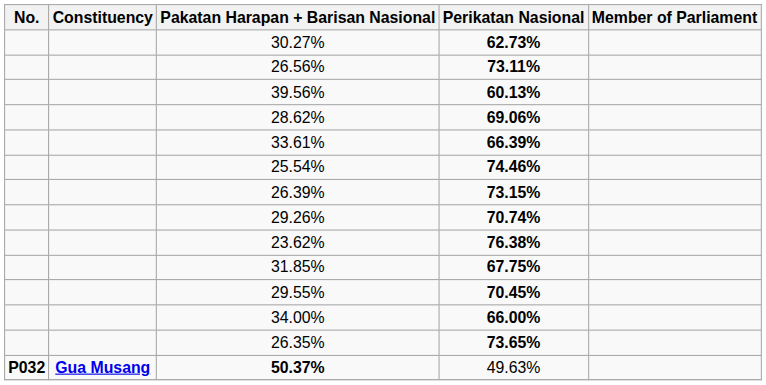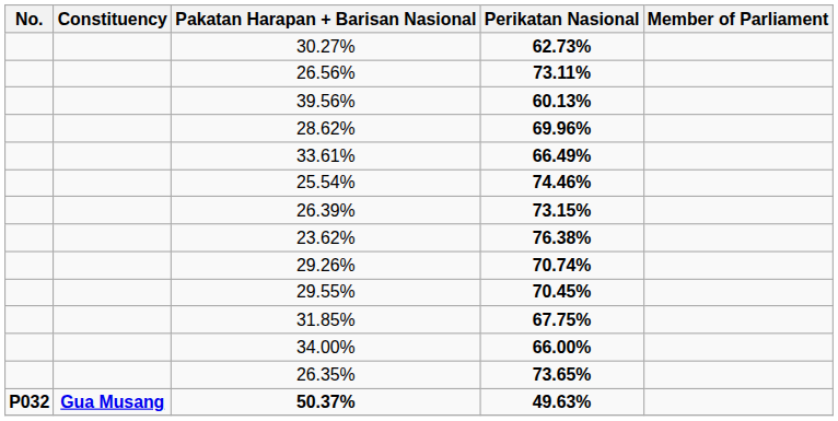 <table class="wikitable sortable" style="text-align:center; font-size:90%">
 <tr>
 <th>No.</th>
 <th>Constituency</th>
 <th>Pakatan Harapan + Barisan Nasional</th>
 <th><strong>Perikatan Nasional</strong></th>
 <th><strong>Member of Parliament</strong></th>
 </tr>
 <tr align="center">
 <td><strong></strong></td>
 <td><strong></strong></td>
 <td>30.27%</td>
 <td><strong>62.73%</strong></td>
 <td></td>
 </tr>
 <tr align="center">
 <td><strong></strong></td>
 <td><strong></strong></td>
 <td>26.56%</td>
 <td><strong>73.11%</strong></td>
 <td></td>
 </tr>
 <tr align="center">
 <td><strong></strong></td>
 <td><strong></strong></td>
 <td>39.56%</td>
 <td><strong>60.13%</strong></td>
 <td></td>
 </tr>
 <tr align="center">
 <td><strong></strong></td>
 <td><strong></strong></td>
 <td>28.62%</td>
-<td><strong>69.06%</strong></td>
+<td><strong>69.96%</strong></td>
 <td></td>
 </tr>
 <tr align="center">
 <td><strong></strong></td>
 <td><strong></strong></td>
 <td>33.61%</td>
-<td><strong>66.39%</strong></td>
+<td><strong>66.49%</strong></td>
 <td></td>
 </tr>
 <tr align="center">
 <td><strong></strong></td>
 <td><strong></strong></td>
 <td>25.54%</td>
 <td><strong>74.46%</strong></td>
 <td></td>
 </tr>
 <tr align="center">
 <td><strong></strong></td>
 <td><strong></strong></td>
 <td>26.39%</td>
 <td><strong>73.15%</strong></td>
 <td></td>
 </tr>
 <tr align="center">
 <td><strong></strong></td>
 <td><strong></strong></td>
+<td>23.62%</td>
+<td><strong>76.38%</strong></td>
+<td></td>
+</tr>
+<tr align="center">
+<td><strong></strong></td>
+<td><strong></strong></td>
 <td>29.26%</td>
 <td><strong>70.74%</strong></td>
 <td></td>
 </tr>
 <tr align="center">
 <td><strong></strong></td>
 <td><strong></strong></td>
-<td>23.62%</td>
-<td><strong>76.38%</strong></td>
+<td>29.55%</td>
+<td><strong>70.45%</strong></td>
 <td></td>
 </tr>
 <tr align="center">
 <td><strong></strong></td>
 <td><strong></strong></td>
 <td>31.85%</td>
 <td><strong>67.75%</strong></td>
-<td></td>
-</tr>
-<tr align="center">
-<td><strong></strong></td>
-<td><strong></strong></td>
-<td>29.55%</td>
-<td><strong>70.45%</strong></td>
 <td></td>
 </tr>
 <tr align="center">
 <td><strong></strong></td>
 <td><strong></strong></td>
 <td>34.00%</td>
 <td><strong>66.00%</strong></td>
 <td></td>
 </tr>
 <tr align="center">
 <td><strong></strong></td>
 <td><strong></strong></td>
 <td>26.35%</td>
 <td><strong>73.65%</strong></td>
 <td></td>
 </tr>
 <tr align="center">
 <td><strong>P032</strong></td>
 <td><strong><a href='#'>Gua Musang</a></strong></td>
 <td><strong>50.37%</strong></td>
-<td>49.63%</td>
+<td><strong>49.63%</strong></td>
 <td></td>
 </tr>
 <tr>
 </tr>
 </table>
